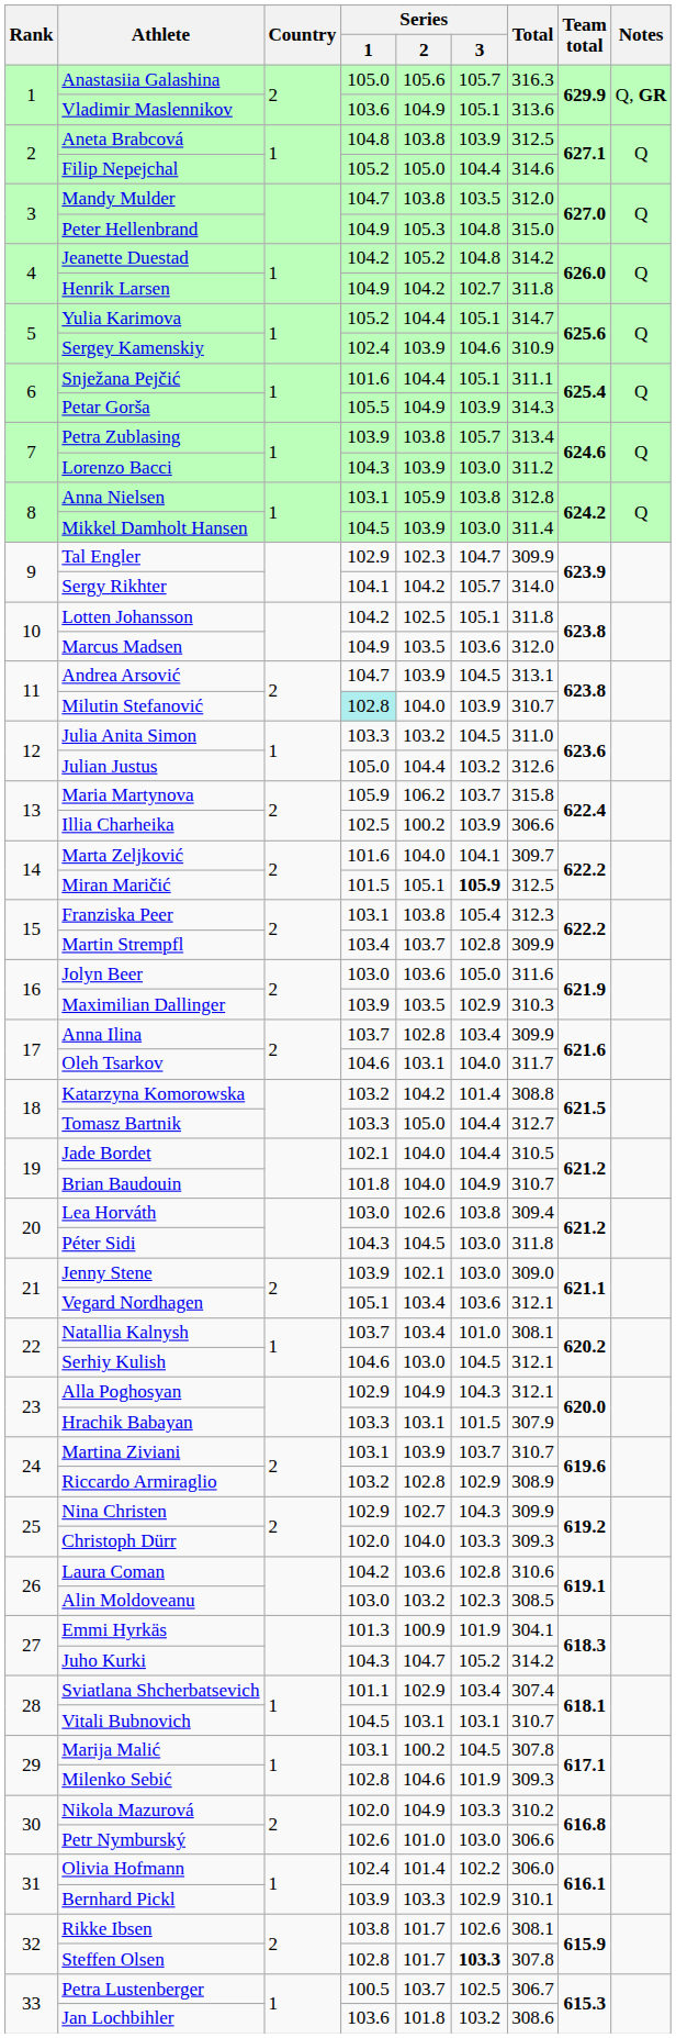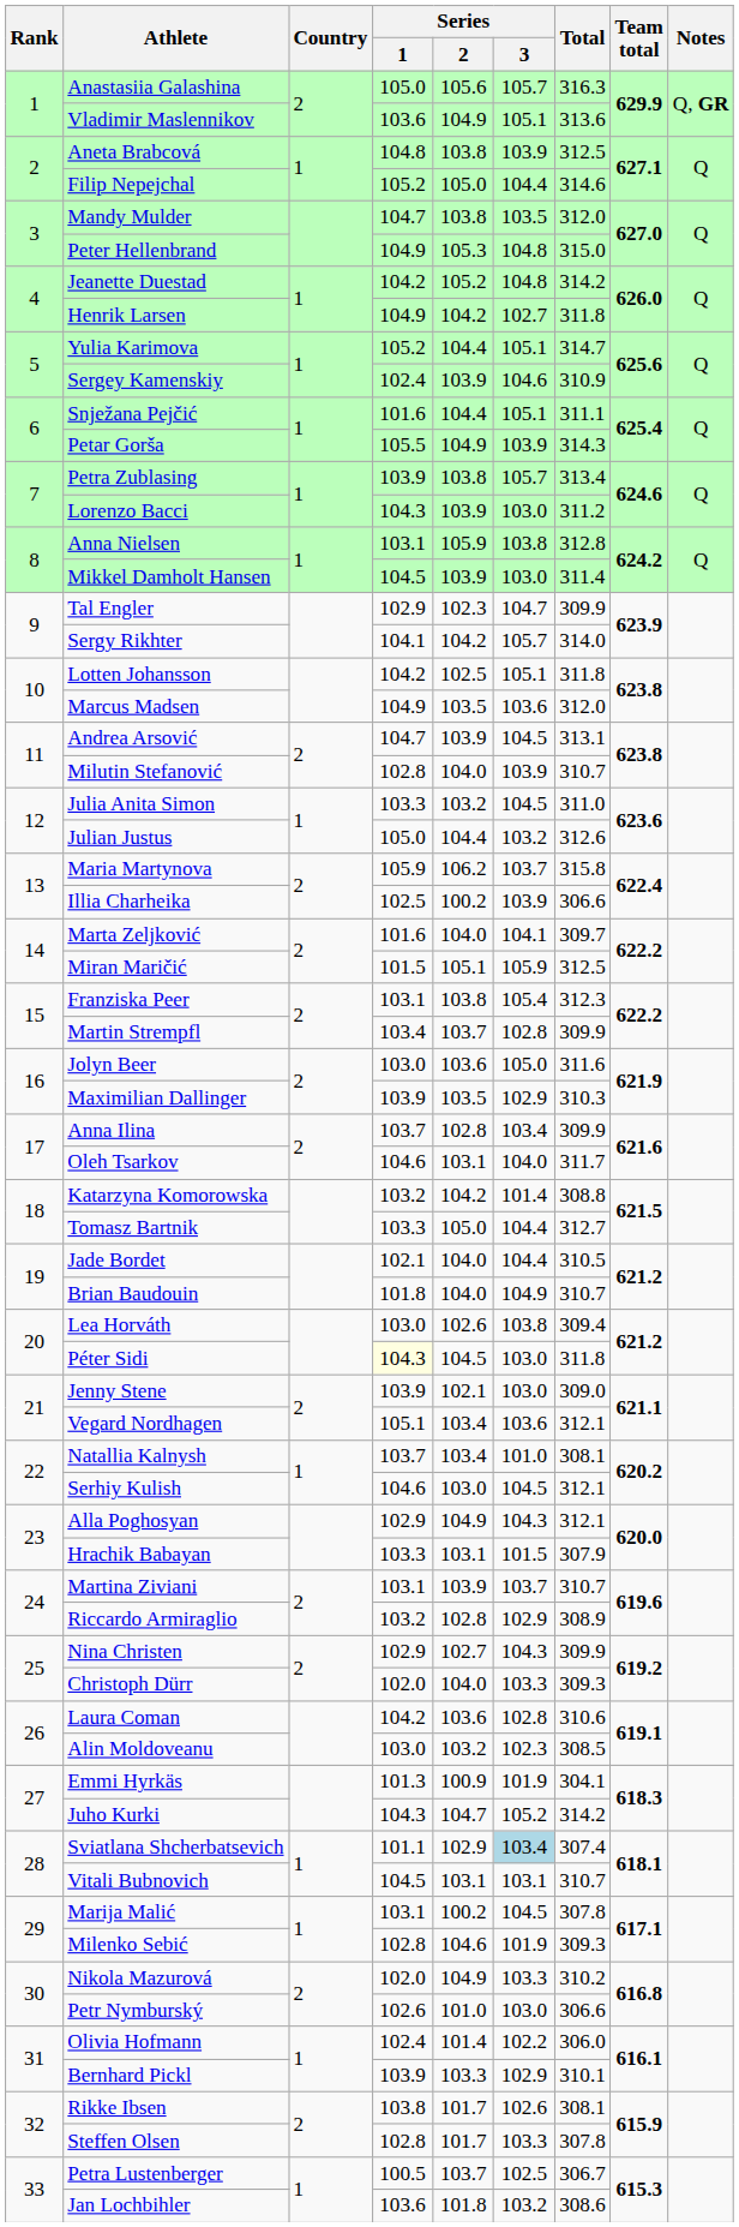 <table class="wikitable sortable" style="text-align:center">
 <tr>
 <th rowspan=2>Rank</th>
 <th rowspan=2>Athlete</th>
 <th rowspan=2>Country</th>
 <th colspan=3>Series</th>
 <th rowspan=2>Total</th>
 <th rowspan=2>Team<br>total</th>
 <th rowspan=2>Notes</th>
 </tr>
 <tr>
 <th class="unsortable" width="40px">1</th>
 <th class="unsortable" width="40px">2</th>
 <th class="unsortable" width="40px">3</th>
 </tr>
 <tr bgcolor=bbffbb>
 <td rowspan=2>1</td>
 <td align=left><a href='#'>Anastasiia Galashina</a></td>
 <td rowspan=2 align=left> 2</td>
 <td>105.0</td>
 <td>105.6</td>
 <td>105.7</td>
 <td>316.3</td>
 <td rowspan=2><strong>629.9</strong></td>
 <td rowspan=2>Q, <strong>GR</strong></td>
 </tr>
 <tr bgcolor=bbffbb>
 <td align=left><a href='#'>Vladimir Maslennikov</a></td>
 <td>103.6</td>
 <td>104.9</td>
 <td>105.1</td>
 <td>313.6</td>
 </tr>
 <tr bgcolor=bbffbb>
 <td rowspan=2>2</td>
 <td align=left><a href='#'>Aneta Brabcová</a></td>
 <td rowspan=2 align=left> 1</td>
 <td>104.8</td>
 <td>103.8</td>
 <td>103.9</td>
 <td>312.5</td>
 <td rowspan=2><strong>627.1</strong></td>
 <td rowspan=2>Q</td>
 </tr>
 <tr bgcolor=bbffbb>
 <td align=left><a href='#'>Filip Nepejchal</a></td>
 <td>105.2</td>
 <td>105.0</td>
 <td>104.4</td>
 <td>314.6</td>
 </tr>
 <tr bgcolor=bbffbb>
 <td rowspan=2>3</td>
 <td align=left><a href='#'>Mandy Mulder</a></td>
 <td rowspan=2 align=left></td>
 <td>104.7</td>
 <td>103.8</td>
 <td>103.5</td>
 <td>312.0</td>
 <td rowspan=2><strong>627.0</strong></td>
 <td rowspan=2>Q</td>
 </tr>
 <tr bgcolor=bbffbb>
 <td align=left><a href='#'>Peter Hellenbrand</a></td>
 <td>104.9</td>
 <td>105.3</td>
 <td>104.8</td>
 <td>315.0</td>
 </tr>
 <tr bgcolor=bbffbb>
 <td rowspan=2>4</td>
 <td align=left><a href='#'>Jeanette Duestad</a></td>
 <td rowspan=2 align=left> 1</td>
 <td>104.2</td>
 <td>105.2</td>
 <td>104.8</td>
 <td>314.2</td>
 <td rowspan=2><strong>626.0</strong></td>
 <td rowspan=2>Q</td>
 </tr>
 <tr bgcolor=bbffbb>
 <td align=left><a href='#'>Henrik Larsen</a></td>
 <td>104.9</td>
 <td>104.2</td>
 <td>102.7</td>
 <td>311.8</td>
 </tr>
 <tr bgcolor=bbffbb>
 <td rowspan=2>5</td>
 <td align=left><a href='#'>Yulia Karimova</a></td>
 <td rowspan=2 align=left> 1</td>
 <td>105.2</td>
 <td>104.4</td>
 <td>105.1</td>
 <td>314.7</td>
 <td rowspan=2><strong>625.6</strong></td>
 <td rowspan=2>Q</td>
 </tr>
 <tr bgcolor=bbffbb>
 <td align=left><a href='#'>Sergey Kamenskiy</a></td>
 <td>102.4</td>
 <td>103.9</td>
 <td>104.6</td>
 <td>310.9</td>
 </tr>
 <tr bgcolor=bbffbb>
 <td rowspan=2>6</td>
 <td align=left><a href='#'>Snježana Pejčić</a></td>
 <td rowspan=2 align=left> 1</td>
 <td>101.6</td>
 <td>104.4</td>
 <td>105.1</td>
 <td>311.1</td>
 <td rowspan=2><strong>625.4</strong></td>
 <td rowspan=2>Q</td>
 </tr>
 <tr bgcolor=bbffbb>
 <td align=left><a href='#'>Petar Gorša</a></td>
 <td>105.5</td>
 <td>104.9</td>
 <td>103.9</td>
 <td>314.3</td>
 </tr>
 <tr bgcolor=bbffbb>
 <td rowspan=2>7</td>
 <td align=left><a href='#'>Petra Zublasing</a></td>
 <td rowspan=2 align=left> 1</td>
 <td>103.9</td>
 <td>103.8</td>
 <td>105.7</td>
 <td>313.4</td>
 <td rowspan=2><strong>624.6</strong></td>
 <td rowspan=2>Q</td>
 </tr>
 <tr bgcolor=bbffbb>
 <td align=left><a href='#'>Lorenzo Bacci</a></td>
 <td>104.3</td>
 <td>103.9</td>
 <td>103.0</td>
 <td>311.2</td>
 </tr>
 <tr bgcolor=bbffbb>
 <td rowspan=2>8</td>
 <td align=left><a href='#'>Anna Nielsen</a></td>
 <td rowspan=2 align=left> 1</td>
 <td>103.1</td>
 <td>105.9</td>
 <td>103.8</td>
 <td>312.8</td>
 <td rowspan=2><strong>624.2</strong></td>
 <td rowspan=2>Q</td>
 </tr>
 <tr bgcolor=bbffbb>
 <td align=left><a href='#'>Mikkel Damholt Hansen</a></td>
 <td>104.5</td>
 <td>103.9</td>
 <td>103.0</td>
 <td>311.4</td>
 </tr>
 <tr>
 <td rowspan=2>9</td>
 <td align=left><a href='#'>Tal Engler</a></td>
 <td rowspan=2 align=left></td>
 <td>102.9</td>
 <td>102.3</td>
 <td>104.7</td>
 <td>309.9</td>
 <td rowspan=2><strong>623.9</strong></td>
 <td rowspan=2></td>
 </tr>
 <tr>
 <td align=left><a href='#'>Sergy Rikhter</a></td>
 <td>104.1</td>
 <td>104.2</td>
 <td>105.7</td>
 <td>314.0</td>
 </tr>
 <tr>
 <td rowspan=2>10</td>
 <td align=left><a href='#'>Lotten Johansson</a></td>
 <td rowspan=2 align=left></td>
 <td>104.2</td>
 <td>102.5</td>
 <td>105.1</td>
 <td>311.8</td>
 <td rowspan=2><strong>623.8</strong></td>
 <td rowspan=2></td>
 </tr>
 <tr>
 <td align=left><a href='#'>Marcus Madsen</a></td>
 <td>104.9</td>
 <td>103.5</td>
 <td>103.6</td>
 <td>312.0</td>
 </tr>
 <tr>
 <td rowspan=2>11</td>
 <td align=left><a href='#'>Andrea Arsović</a></td>
 <td rowspan=2 align=left> 2</td>
 <td>104.7</td>
 <td>103.9</td>
 <td>104.5</td>
 <td>313.1</td>
 <td rowspan=2><strong>623.8</strong></td>
 <td rowspan=2></td>
 </tr>
 <tr>
 <td align=left><a href='#'>Milutin Stefanović</a></td>
-<td style="background: paleturquoise;">102.8</td>
+<td>102.8</td>
 <td>104.0</td>
 <td>103.9</td>
 <td>310.7</td>
 </tr>
 <tr>
 <td rowspan=2>12</td>
 <td align=left><a href='#'>Julia Anita Simon</a></td>
 <td rowspan=2 align=left> 1</td>
 <td>103.3</td>
 <td>103.2</td>
 <td>104.5</td>
 <td>311.0</td>
 <td rowspan=2><strong>623.6</strong></td>
 <td rowspan=2></td>
 </tr>
 <tr>
 <td align=left><a href='#'>Julian Justus</a></td>
 <td>105.0</td>
 <td>104.4</td>
 <td>103.2</td>
 <td>312.6</td>
 </tr>
 <tr>
 <td rowspan=2>13</td>
 <td align=left><a href='#'>Maria Martynova</a></td>
 <td rowspan=2 align=left> 2</td>
 <td>105.9</td>
 <td>106.2</td>
 <td>103.7</td>
 <td>315.8</td>
 <td rowspan=2><strong>622.4</strong></td>
 <td rowspan=2></td>
 </tr>
 <tr>
 <td align=left><a href='#'>Illia Charheika</a></td>
 <td>102.5</td>
 <td>100.2</td>
 <td>103.9</td>
 <td>306.6</td>
 </tr>
 <tr>
 <td rowspan=2>14</td>
 <td align=left><a href='#'>Marta Zeljković</a></td>
 <td rowspan=2 align=left> 2</td>
 <td>101.6</td>
 <td>104.0</td>
 <td>104.1</td>
 <td>309.7</td>
 <td rowspan=2><strong>622.2</strong></td>
 <td rowspan=2></td>
 </tr>
 <tr>
 <td align=left><a href='#'>Miran Maričić</a></td>
 <td>101.5</td>
 <td>105.1</td>
-<td><strong>105.9</strong></td>
+<td>105.9</td>
 <td>312.5</td>
 </tr>
 <tr>
 <td rowspan=2>15</td>
 <td align=left><a href='#'>Franziska Peer</a></td>
 <td rowspan=2 align=left> 2</td>
 <td>103.1</td>
 <td>103.8</td>
 <td>105.4</td>
 <td>312.3</td>
 <td rowspan=2><strong>622.2</strong></td>
 <td rowspan=2></td>
 </tr>
 <tr>
 <td align=left><a href='#'>Martin Strempfl</a></td>
 <td>103.4</td>
 <td>103.7</td>
 <td>102.8</td>
 <td>309.9</td>
 </tr>
 <tr>
 <td rowspan=2>16</td>
 <td align=left><a href='#'>Jolyn Beer</a></td>
 <td rowspan=2 align=left> 2</td>
 <td>103.0</td>
 <td>103.6</td>
 <td>105.0</td>
 <td>311.6</td>
 <td rowspan=2><strong>621.9</strong></td>
 <td rowspan=2></td>
 </tr>
 <tr>
 <td align=left><a href='#'>Maximilian Dallinger</a></td>
 <td>103.9</td>
 <td>103.5</td>
 <td>102.9</td>
 <td>310.3</td>
 </tr>
 <tr>
 <td rowspan=2>17</td>
 <td align=left><a href='#'>Anna Ilina</a></td>
 <td rowspan=2 align=left> 2</td>
 <td>103.7</td>
 <td>102.8</td>
 <td>103.4</td>
 <td>309.9</td>
 <td rowspan=2><strong>621.6</strong></td>
 <td rowspan=2></td>
 </tr>
 <tr>
 <td align=left><a href='#'>Oleh Tsarkov</a></td>
 <td>104.6</td>
 <td>103.1</td>
 <td>104.0</td>
 <td>311.7</td>
 </tr>
 <tr>
 <td rowspan=2>18</td>
 <td align=left><a href='#'>Katarzyna Komorowska</a></td>
 <td rowspan=2 align=left></td>
 <td>103.2</td>
 <td>104.2</td>
 <td>101.4</td>
 <td>308.8</td>
 <td rowspan=2><strong>621.5</strong></td>
 <td rowspan=2></td>
 </tr>
 <tr>
 <td align=left><a href='#'>Tomasz Bartnik</a></td>
 <td>103.3</td>
 <td>105.0</td>
 <td>104.4</td>
 <td>312.7</td>
 </tr>
 <tr>
 <td rowspan=2>19</td>
 <td align=left><a href='#'>Jade Bordet</a></td>
 <td rowspan=2 align=left></td>
 <td>102.1</td>
 <td>104.0</td>
 <td>104.4</td>
 <td>310.5</td>
 <td rowspan=2><strong>621.2</strong></td>
 <td rowspan=2></td>
 </tr>
 <tr>
 <td align=left><a href='#'>Brian Baudouin</a></td>
 <td>101.8</td>
 <td>104.0</td>
 <td>104.9</td>
 <td>310.7</td>
 </tr>
 <tr>
 <td rowspan=2>20</td>
 <td align=left><a href='#'>Lea Horváth</a></td>
 <td rowspan=2 align=left></td>
 <td>103.0</td>
 <td>102.6</td>
 <td>103.8</td>
 <td>309.4</td>
 <td rowspan=2><strong>621.2</strong></td>
 <td rowspan=2></td>
 </tr>
 <tr>
 <td align=left><a href='#'>Péter Sidi</a></td>
-<td>104.3</td>
+<td style="background: lightyellow;">104.3</td>
 <td>104.5</td>
 <td>103.0</td>
 <td>311.8</td>
 </tr>
 <tr>
 <td rowspan=2>21</td>
 <td align=left><a href='#'>Jenny Stene</a></td>
 <td rowspan=2 align=left> 2</td>
 <td>103.9</td>
 <td>102.1</td>
 <td>103.0</td>
 <td>309.0</td>
 <td rowspan=2><strong>621.1</strong></td>
 <td rowspan=2></td>
 </tr>
 <tr>
 <td align=left><a href='#'>Vegard Nordhagen</a></td>
 <td>105.1</td>
 <td>103.4</td>
 <td>103.6</td>
 <td>312.1</td>
 </tr>
 <tr>
 <td rowspan=2>22</td>
 <td align=left><a href='#'>Natallia Kalnysh</a></td>
 <td rowspan=2 align=left> 1</td>
 <td>103.7</td>
 <td>103.4</td>
 <td>101.0</td>
 <td>308.1</td>
 <td rowspan=2><strong>620.2</strong></td>
 <td rowspan=2></td>
 </tr>
 <tr>
 <td align=left><a href='#'>Serhiy Kulish</a></td>
 <td>104.6</td>
 <td>103.0</td>
 <td>104.5</td>
 <td>312.1</td>
 </tr>
 <tr>
 <td rowspan=2>23</td>
 <td align=left><a href='#'>Alla Poghosyan</a></td>
 <td rowspan=2 align=left></td>
 <td>102.9</td>
 <td>104.9</td>
 <td>104.3</td>
 <td>312.1</td>
 <td rowspan=2><strong>620.0</strong></td>
 <td rowspan=2></td>
 </tr>
 <tr>
 <td align=left><a href='#'>Hrachik Babayan</a></td>
 <td>103.3</td>
 <td>103.1</td>
 <td>101.5</td>
 <td>307.9</td>
 </tr>
 <tr>
 <td rowspan=2>24</td>
 <td align=left><a href='#'>Martina Ziviani</a></td>
 <td rowspan=2 align=left> 2</td>
 <td>103.1</td>
 <td>103.9</td>
 <td>103.7</td>
 <td>310.7</td>
 <td rowspan=2><strong>619.6</strong></td>
 <td rowspan=2></td>
 </tr>
 <tr>
 <td align=left><a href='#'>Riccardo Armiraglio</a></td>
 <td>103.2</td>
 <td>102.8</td>
 <td>102.9</td>
 <td>308.9</td>
 </tr>
 <tr>
 <td rowspan=2>25</td>
 <td align=left><a href='#'>Nina Christen</a></td>
 <td rowspan=2 align=left> 2</td>
 <td>102.9</td>
 <td>102.7</td>
 <td>104.3</td>
 <td>309.9</td>
 <td rowspan=2><strong>619.2</strong></td>
 <td rowspan=2></td>
 </tr>
 <tr>
 <td align=left><a href='#'>Christoph Dürr</a></td>
 <td>102.0</td>
 <td>104.0</td>
 <td>103.3</td>
 <td>309.3</td>
 </tr>
 <tr>
 <td rowspan=2>26</td>
 <td align=left><a href='#'>Laura Coman</a></td>
 <td rowspan=2 align=left></td>
 <td>104.2</td>
 <td>103.6</td>
 <td>102.8</td>
 <td>310.6</td>
 <td rowspan=2><strong>619.1</strong></td>
 <td rowspan=2></td>
 </tr>
 <tr>
 <td align=left><a href='#'>Alin Moldoveanu</a></td>
 <td>103.0</td>
 <td>103.2</td>
 <td>102.3</td>
 <td>308.5</td>
 </tr>
 <tr>
 <td rowspan=2>27</td>
 <td align=left><a href='#'>Emmi Hyrkäs</a></td>
 <td rowspan=2 align=left></td>
 <td>101.3</td>
 <td>100.9</td>
 <td>101.9</td>
 <td>304.1</td>
 <td rowspan=2><strong>618.3</strong></td>
 <td rowspan=2></td>
 </tr>
 <tr>
 <td align=left><a href='#'>Juho Kurki</a></td>
 <td>104.3</td>
 <td>104.7</td>
 <td>105.2</td>
 <td>314.2</td>
 </tr>
 <tr>
 <td rowspan=2>28</td>
 <td align=left><a href='#'>Sviatlana Shcherbatsevich</a></td>
 <td rowspan=2 align=left> 1</td>
 <td>101.1</td>
 <td>102.9</td>
-<td>103.4</td>
+<td style="background: lightblue;">103.4</td>
 <td>307.4</td>
 <td rowspan=2><strong>618.1</strong></td>
 <td rowspan=2></td>
 </tr>
 <tr>
 <td align=left><a href='#'>Vitali Bubnovich</a></td>
 <td>104.5</td>
 <td>103.1</td>
 <td>103.1</td>
 <td>310.7</td>
 </tr>
 <tr>
 <td rowspan=2>29</td>
 <td align=left><a href='#'>Marija Malić</a></td>
 <td rowspan=2 align=left> 1</td>
 <td>103.1</td>
 <td>100.2</td>
 <td>104.5</td>
 <td>307.8</td>
 <td rowspan=2><strong>617.1</strong></td>
 <td rowspan=2></td>
 </tr>
 <tr>
 <td align=left><a href='#'>Milenko Sebić</a></td>
 <td>102.8</td>
 <td>104.6</td>
 <td>101.9</td>
 <td>309.3</td>
 </tr>
 <tr>
 <td rowspan=2>30</td>
 <td align=left><a href='#'>Nikola Mazurová</a></td>
 <td rowspan=2 align=left> 2</td>
 <td>102.0</td>
 <td>104.9</td>
 <td>103.3</td>
 <td>310.2</td>
 <td rowspan=2><strong>616.8</strong></td>
 <td rowspan=2></td>
 </tr>
 <tr>
 <td align=left><a href='#'>Petr Nymburský</a></td>
 <td>102.6</td>
 <td>101.0</td>
 <td>103.0</td>
 <td>306.6</td>
 </tr>
 <tr>
 <td rowspan=2>31</td>
 <td align=left><a href='#'>Olivia Hofmann</a></td>
 <td rowspan=2 align=left> 1</td>
 <td>102.4</td>
 <td>101.4</td>
 <td>102.2</td>
 <td>306.0</td>
 <td rowspan=2><strong>616.1</strong></td>
 <td rowspan=2></td>
 </tr>
 <tr>
 <td align=left><a href='#'>Bernhard Pickl</a></td>
 <td>103.9</td>
 <td>103.3</td>
 <td>102.9</td>
 <td>310.1</td>
 </tr>
 <tr>
 <td rowspan=2>32</td>
 <td align=left><a href='#'>Rikke Ibsen</a></td>
 <td rowspan=2 align=left> 2</td>
 <td>103.8</td>
 <td>101.7</td>
 <td>102.6</td>
 <td>308.1</td>
 <td rowspan=2><strong>615.9</strong></td>
 <td rowspan=2></td>
 </tr>
 <tr>
 <td align=left><a href='#'>Steffen Olsen</a></td>
 <td>102.8</td>
 <td>101.7</td>
-<td><strong>103.3</strong></td>
+<td>103.3</td>
 <td>307.8</td>
 </tr>
 <tr>
 <td rowspan=2>33</td>
 <td align=left><a href='#'>Petra Lustenberger</a></td>
 <td rowspan=2 align=left> 1</td>
 <td>100.5</td>
 <td>103.7</td>
 <td>102.5</td>
 <td>306.7</td>
 <td rowspan=2><strong>615.3</strong></td>
 <td rowspan=2></td>
 </tr>
 <tr>
 <td align=left><a href='#'>Jan Lochbihler</a></td>
 <td>103.6</td>
 <td>101.8</td>
 <td>103.2</td>
 <td>308.6</td>
 </tr>
 </table>
